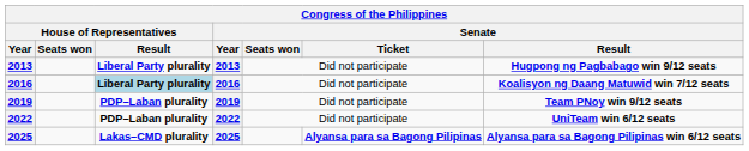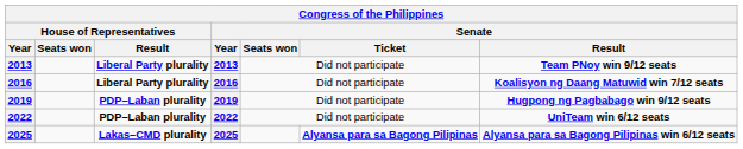 <table class="wikitable" style="text-align:center; font-size:90%">
 <tr>
 <th colspan=7><a href='#'>Congress of the Philippines</a></th>
 </tr>
 <tr>
 <th colspan="3">House of Representatives</th>
 <th colspan="4">Senate</th>
 </tr>
 <tr>
 <th>Year</th>
 <th>Seats won</th>
 <th>Result</th>
 <th>Year</th>
 <th>Seats won</th>
 <th>Ticket</th>
 <th>Result</th>
 </tr>
 <tr>
 <th><a href='#'>2013</a></th>
 <td></td>
 <td><strong><a href='#'>Liberal Party</a> plurality</strong></td>
 <th><a href='#'>2013</a></th>
 <td colspan=2>Did not participate</td>
-<td><strong><a href='#'>Hugpong ng Pagbabago</a> win 9/12 seats</strong></td>
+<td><strong><a href='#'>Team PNoy</a> win 9/12 seats</strong></td>
 </tr>
 <tr>
 <th><a href='#'>2016</a></th>
 <td></td>
-<td style="background: lightblue;"><strong>Liberal Party plurality</strong></td>
+<td><strong>Liberal Party plurality</strong></td>
 <th><a href='#'>2016</a></th>
 <td colspan=2>Did not participate</td>
 <td><strong><a href='#'>Koalisyon ng Daang Matuwid</a> win 7/12 seats</strong></td>
 </tr>
 <tr>
 <th><a href='#'>2019</a></th>
 <td></td>
 <td><strong><a href='#'>PDP–Laban</a> plurality</strong></td>
 <th><a href='#'>2019</a></th>
 <td colspan=2>Did not participate</td>
-<td><strong><a href='#'>Team PNoy</a> win 9/12 seats</strong></td>
+<td><strong><a href='#'>Hugpong ng Pagbabago</a> win 9/12 seats</strong></td>
 </tr>
 <tr>
 <th><a href='#'>2022</a></th>
 <td></td>
 <td><strong>PDP–Laban plurality</strong></td>
 <th><a href='#'>2022</a></th>
 <td colspan=2>Did not participate</td>
 <td><strong><a href='#'>UniTeam</a> win 6/12 seats</strong></td>
 </tr>
 <tr>
 <th><a href='#'>2025</a></th>
 <td></td>
 <td><strong><a href='#'>Lakas–CMD</a> plurality</strong></td>
 <th><a href='#'>2025</a></th>
 <td></td>
 <td><strong><a href='#'>Alyansa para sa Bagong Pilipinas</a></strong></td>
 <td><strong><a href='#'>Alyansa para sa Bagong Pilipinas</a> win 6/12 seats</strong></td>
 </tr>
 </table>
